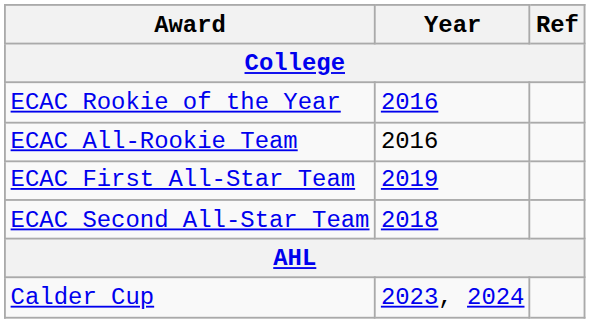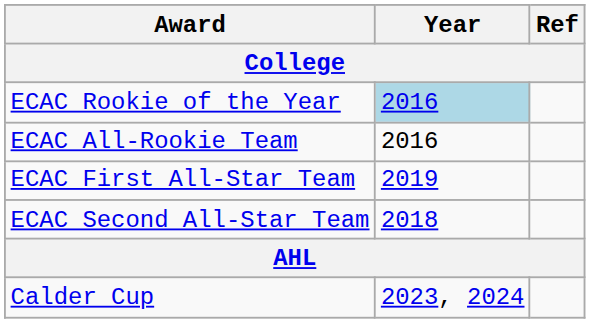 <table class="wikitable">
 <tr>
 <th>Award</th>
 <th>Year</th>
 <th>Ref</th>
 </tr>
 <tr>
 <th colspan="3"><a href='#'>College</a></th>
 </tr>
 <tr>
 <td><a href='#'>ECAC Rookie of the Year</a></td>
-<td><a href='#'>2016</a></td>
+<td style="background: lightblue;"><a href='#'>2016</a></td>
 <td></td>
 </tr>
 <tr>
 <td><a href='#'>ECAC All-Rookie Team</a></td>
 <td>2016</td>
 <td></td>
 </tr>
 <tr>
 <td><a href='#'>ECAC First All-Star Team</a></td>
 <td><a href='#'>2019</a></td>
 <td></td>
 </tr>
 <tr>
 <td><a href='#'>ECAC Second All-Star Team</a></td>
 <td><a href='#'>2018</a></td>
 <td></td>
 </tr>
 <tr>
 <th colspan="3"><a href='#'>AHL</a></th>
 </tr>
 <tr>
 <td><a href='#'>Calder Cup</a></td>
 <td><a href='#'>2023</a>, <a href='#'>2024</a></td>
 <td></td>
 </tr>
 </table>
